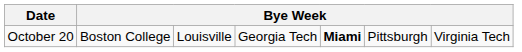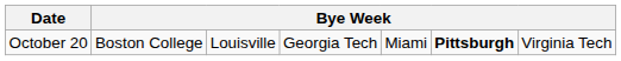 <table class="wikitable" style="font-size:95%;">
 <tr>
 <th>Date</th>
 <th colspan="6">Bye Week</th>
 </tr>
 <tr>
 <td>October 20</td>
 <td>Boston College</td>
 <td>Louisville</td>
 <td>Georgia Tech</td>
-<td><strong>Miami</strong></td>
-<td>Pittsburgh</td>
+<td>Miami</td>
+<td><strong>Pittsburgh</strong></td>
 <td>Virginia Tech</td>
 </tr>
 </table>
